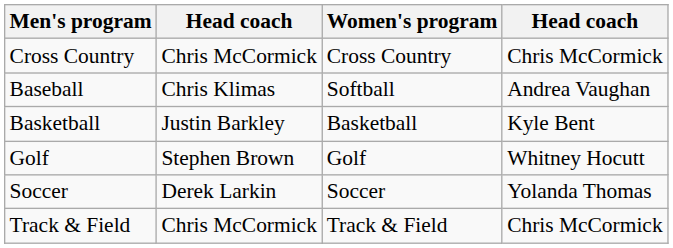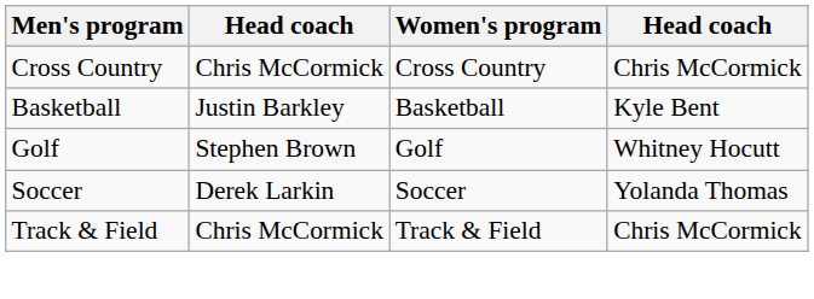 <table class= wikitable>
 <tr>
 <th width=px>Men's program</th>
 <th width=px>Head coach</th>
 <th width=px>Women's program</th>
 <th width=px>Head coach</th>
 </tr>
 <tr>
 <td>Cross Country</td>
 <td>Chris McCormick</td>
 <td>Cross Country</td>
 <td>Chris McCormick</td>
-</tr>
-<tr>
-<td>Baseball</td>
-<td>Chris Klimas</td>
-<td>Softball</td>
-<td>Andrea Vaughan</td>
 </tr>
 <tr>
 <td>Basketball</td>
 <td>Justin Barkley</td>
 <td>Basketball</td>
 <td>Kyle Bent</td>
 </tr>
 <tr>
 <td>Golf</td>
 <td>Stephen Brown</td>
 <td>Golf</td>
 <td>Whitney Hocutt</td>
 </tr>
 <tr>
 <td>Soccer</td>
 <td>Derek Larkin</td>
 <td>Soccer</td>
 <td>Yolanda Thomas</td>
 </tr>
 <tr>
 <td>Track & Field</td>
 <td>Chris McCormick</td>
 <td>Track & Field</td>
 <td>Chris McCormick</td>
 </tr>
 </table>
